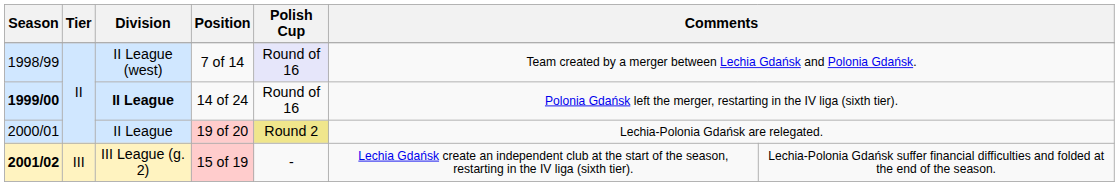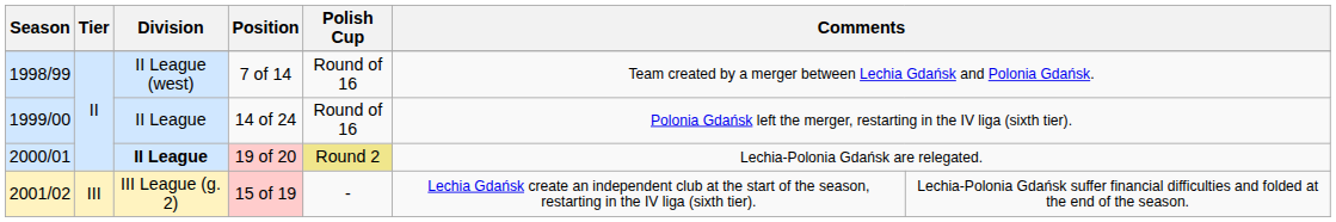 <table class="wikitable" style="text-align: center">
 <tr>
 <th>Season</th>
 <th>Tier</th>
 <th>Division</th>
 <th>Position</th>
 <th>Polish Cup</th>
 <th colspan=2>Comments</th>
 </tr>
 <tr>
 </tr>
 <tr>
 <td bgcolor="#d0e7ff">1998/99</td>
 <td bgcolor="#d0e7ff" rowspan=3>II</td>
 <td bgcolor="#d0e7ff">II League (west)</td>
 <td>7 of 14</td>
-<td style="background: lavender;">Round of 16</td>
+<td>Round of 16</td>
 <td style="font-size:85%" colspan=2>Team created by a merger between <a href='#'>Lechia Gdańsk</a> and <a href='#'>Polonia Gdańsk</a>.</td>
 </tr>
 <tr>
-<td bgcolor="#d0e7ff"><strong>1999/00</strong></td>
-<td bgcolor="#d0e7ff"><strong>II League</strong></td>
+<td bgcolor="#d0e7ff">1999/00</td>
+<td bgcolor="#d0e7ff">II League</td>
 <td>14 of 24</td>
 <td>Round of 16</td>
 <td style="font-size:85%" colspan=2><a href='#'>Polonia Gdańsk</a> left the merger, restarting in the IV liga (sixth tier).</td>
 </tr>
 <tr>
 <td bgcolor="#d0e7ff">2000/01</td>
-<td bgcolor="#d0e7ff">II League</td>
+<td bgcolor="#d0e7ff"><strong>II League</strong></td>
 <td bgcolor="#FFCCCC">19 of 20</td>
 <td style="background: khaki;">Round 2</td>
 <td style="font-size:85%" colspan=2>Lechia-Polonia Gdańsk are relegated.</td>
 </tr>
 <tr>
-<td bgcolor="#fff3c0"><strong>2001/02</strong></td>
+<td bgcolor="#fff3c0">2001/02</td>
 <td bgcolor="#fff3c0">III</td>
 <td bgcolor="#fff3c0">III League (g. 2)</td>
 <td bgcolor="#FFCCCC">15 of 19</td>
 <td>-</td>
 <td style="font-size:85%"><a href='#'>Lechia Gdańsk</a> create an independent club at the start of the season, restarting in the IV liga (sixth tier).</td>
 <td style="font-size:85%">Lechia-Polonia Gdańsk suffer financial difficulties and folded at the end of the season.</td>
 </tr>
 </table>
